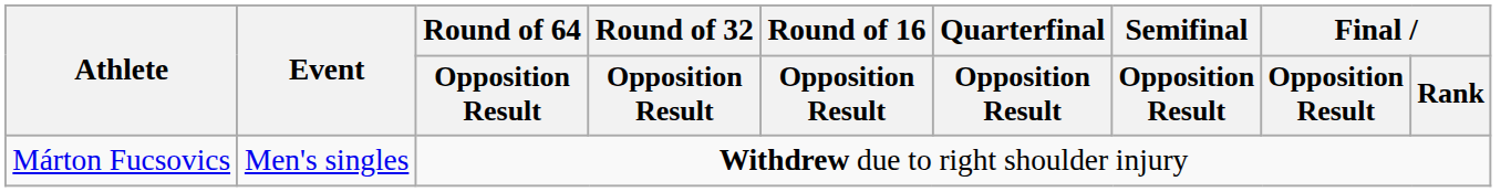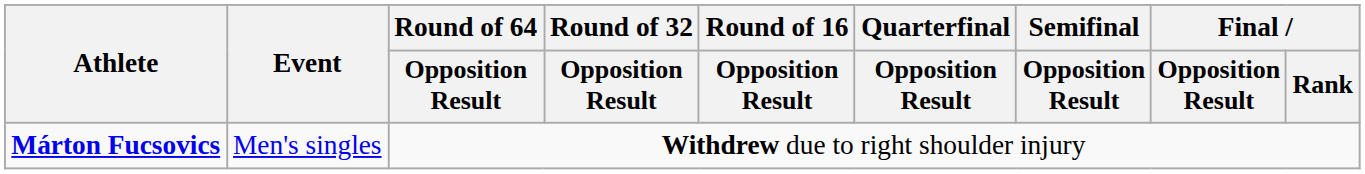 <table class="wikitable" style="font-size:90%;">
 <tr>
 <th rowspan=2>Athlete</th>
 <th rowspan=2>Event</th>
 <th>Round of 64</th>
 <th>Round of 32</th>
 <th>Round of 16</th>
 <th>Quarterfinal</th>
 <th>Semifinal</th>
 <th colspan=2>Final / </th>
 </tr>
 <tr style="font-size:95%">
 <th>Opposition<br>Result</th>
 <th>Opposition<br>Result</th>
 <th>Opposition<br>Result</th>
 <th>Opposition<br>Result</th>
 <th>Opposition<br>Result</th>
 <th>Opposition<br>Result</th>
 <th>Rank</th>
 </tr>
 <tr align=center>
-<td align=left><a href='#'>Márton Fucsovics</a></td>
+<td align=left><strong><a href='#'>Márton Fucsovics</a></strong></td>
 <td align=left rowspan=2><a href='#'>Men's singles</a></td>
 <td colspan=7><strong>Withdrew</strong> due to right shoulder injury</td>
 </tr>
 </table>
